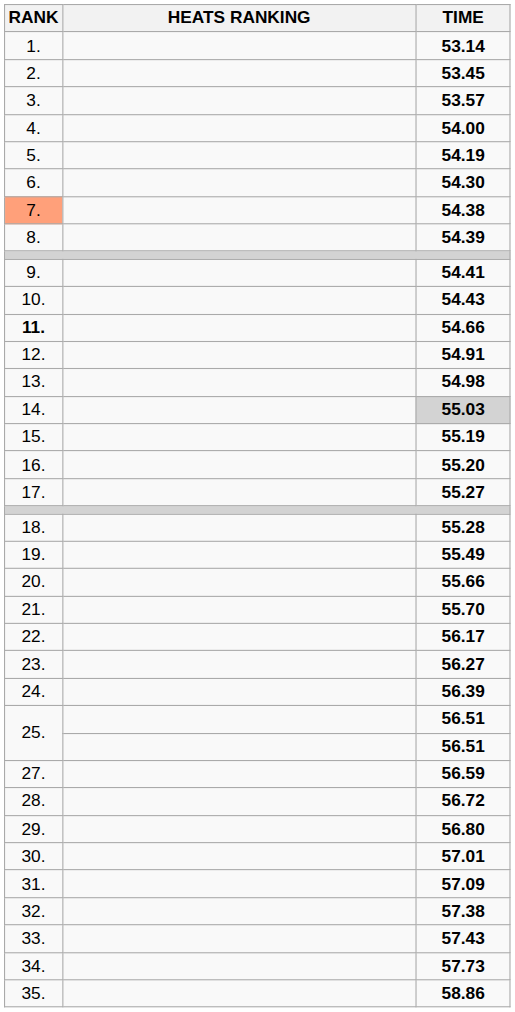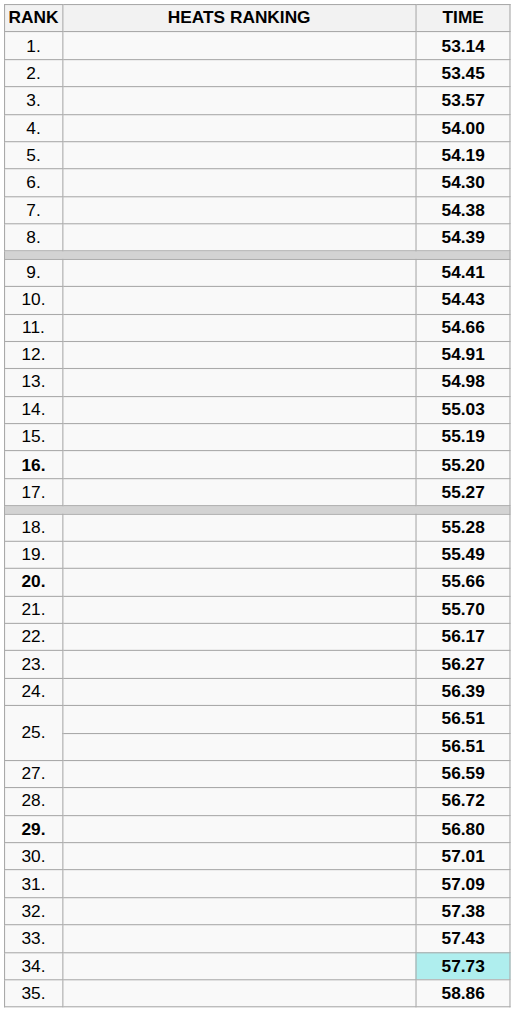 <table class="wikitable">
 <tr>
 <th>RANK</th>
 <th style="width: 20em">HEATS RANKING</th>
 <th style="width: 5em">TIME</th>
 </tr>
 <tr>
 <td align="center">1.</td>
 <td></td>
 <td align="center"><strong>53.14</strong></td>
 </tr>
 <tr>
 <td align="center">2.</td>
 <td></td>
 <td align="center"><strong>53.45</strong></td>
 </tr>
 <tr>
 <td align="center">3.</td>
 <td></td>
 <td align="center"><strong>53.57</strong></td>
 </tr>
 <tr>
 <td align="center">4.</td>
 <td></td>
 <td align="center"><strong>54.00</strong></td>
 </tr>
 <tr>
 <td align="center">5.</td>
 <td></td>
 <td align="center"><strong>54.19</strong></td>
 </tr>
 <tr>
 <td align="center">6.</td>
 <td></td>
 <td align="center"><strong>54.30</strong></td>
 </tr>
 <tr>
-<td align="center" style="background: lightsalmon;">7.</td>
+<td align="center">7.</td>
 <td></td>
 <td align="center"><strong>54.38</strong></td>
 </tr>
 <tr>
 <td align="center">8.</td>
 <td></td>
 <td align="center"><strong>54.39</strong></td>
 </tr>
 <tr>
 <td colspan=3 bgcolor=lightgray></td>
 </tr>
 <tr>
 <td align="center">9.</td>
 <td> </td>
 <td align="center"><strong>54.41</strong></td>
 </tr>
 <tr>
 <td align="center">10.</td>
 <td></td>
 <td align="center"><strong>54.43</strong></td>
 </tr>
 <tr>
-<td align="center"><strong>11.</strong></td>
+<td align="center">11.</td>
 <td></td>
 <td align="center"><strong>54.66</strong></td>
 </tr>
 <tr>
 <td align="center">12.</td>
 <td></td>
 <td align="center"><strong>54.91</strong></td>
 </tr>
 <tr>
 <td align="center">13.</td>
 <td></td>
 <td align="center"><strong>54.98</strong></td>
 </tr>
 <tr>
 <td align="center">14.</td>
 <td></td>
-<td align="center" style="background: lightgrey;"><strong>55.03</strong></td>
+<td align="center"><strong>55.03</strong></td>
 </tr>
 <tr>
 <td align="center">15.</td>
 <td></td>
 <td align="center"><strong>55.19</strong></td>
 </tr>
 <tr>
-<td align="center">16.</td>
+<td align="center"><strong>16.</strong></td>
 <td></td>
 <td align="center"><strong>55.20</strong></td>
 </tr>
 <tr>
 <td align="center">17.</td>
 <td></td>
 <td align="center"><strong>55.27</strong></td>
 </tr>
 <tr>
 <td colspan=3 bgcolor=lightgray></td>
 </tr>
 <tr>
 <td align="center">18.</td>
 <td></td>
 <td align="center"><strong>55.28</strong></td>
 </tr>
 <tr>
 <td align="center">19.</td>
 <td></td>
 <td align="center"><strong>55.49</strong></td>
 </tr>
 <tr>
-<td align="center">20.</td>
+<td align="center"><strong>20.</strong></td>
 <td></td>
 <td align="center"><strong>55.66</strong></td>
 </tr>
 <tr>
 <td align="center">21.</td>
 <td></td>
 <td align="center"><strong>55.70</strong></td>
 </tr>
 <tr>
 <td align="center">22.</td>
 <td></td>
 <td align="center"><strong>56.17</strong></td>
 </tr>
 <tr>
 <td align="center">23.</td>
 <td></td>
 <td align="center"><strong>56.27</strong></td>
 </tr>
 <tr>
 <td align="center">24.</td>
 <td></td>
 <td align="center"><strong>56.39</strong></td>
 </tr>
 <tr>
 <td rowspan=2 align="center">25.</td>
 <td></td>
 <td align="center"><strong>56.51</strong></td>
 </tr>
 <tr>
 <td></td>
 <td align="center"><strong>56.51</strong></td>
 </tr>
 <tr>
 <td align="center">27.</td>
 <td></td>
 <td align="center"><strong>56.59</strong></td>
 </tr>
 <tr>
 <td align="center">28.</td>
 <td></td>
 <td align="center"><strong>56.72</strong></td>
 </tr>
 <tr>
-<td align="center">29.</td>
+<td align="center"><strong>29.</strong></td>
 <td></td>
 <td align="center"><strong>56.80</strong></td>
 </tr>
 <tr>
 <td align="center">30.</td>
 <td></td>
 <td align="center"><strong>57.01</strong></td>
 </tr>
 <tr>
 <td align="center">31.</td>
 <td></td>
 <td align="center"><strong>57.09</strong></td>
 </tr>
 <tr>
 <td align="center">32.</td>
 <td></td>
 <td align="center"><strong>57.38</strong></td>
 </tr>
 <tr>
 <td align="center">33.</td>
 <td></td>
 <td align="center"><strong>57.43</strong></td>
 </tr>
 <tr>
 <td align="center">34.</td>
 <td></td>
-<td align="center"><strong>57.73</strong></td>
+<td align="center" style="background: paleturquoise;"><strong>57.73</strong></td>
 </tr>
 <tr>
 <td align="center">35.</td>
 <td></td>
 <td align="center"><strong>58.86</strong></td>
 </tr>
 </table>
